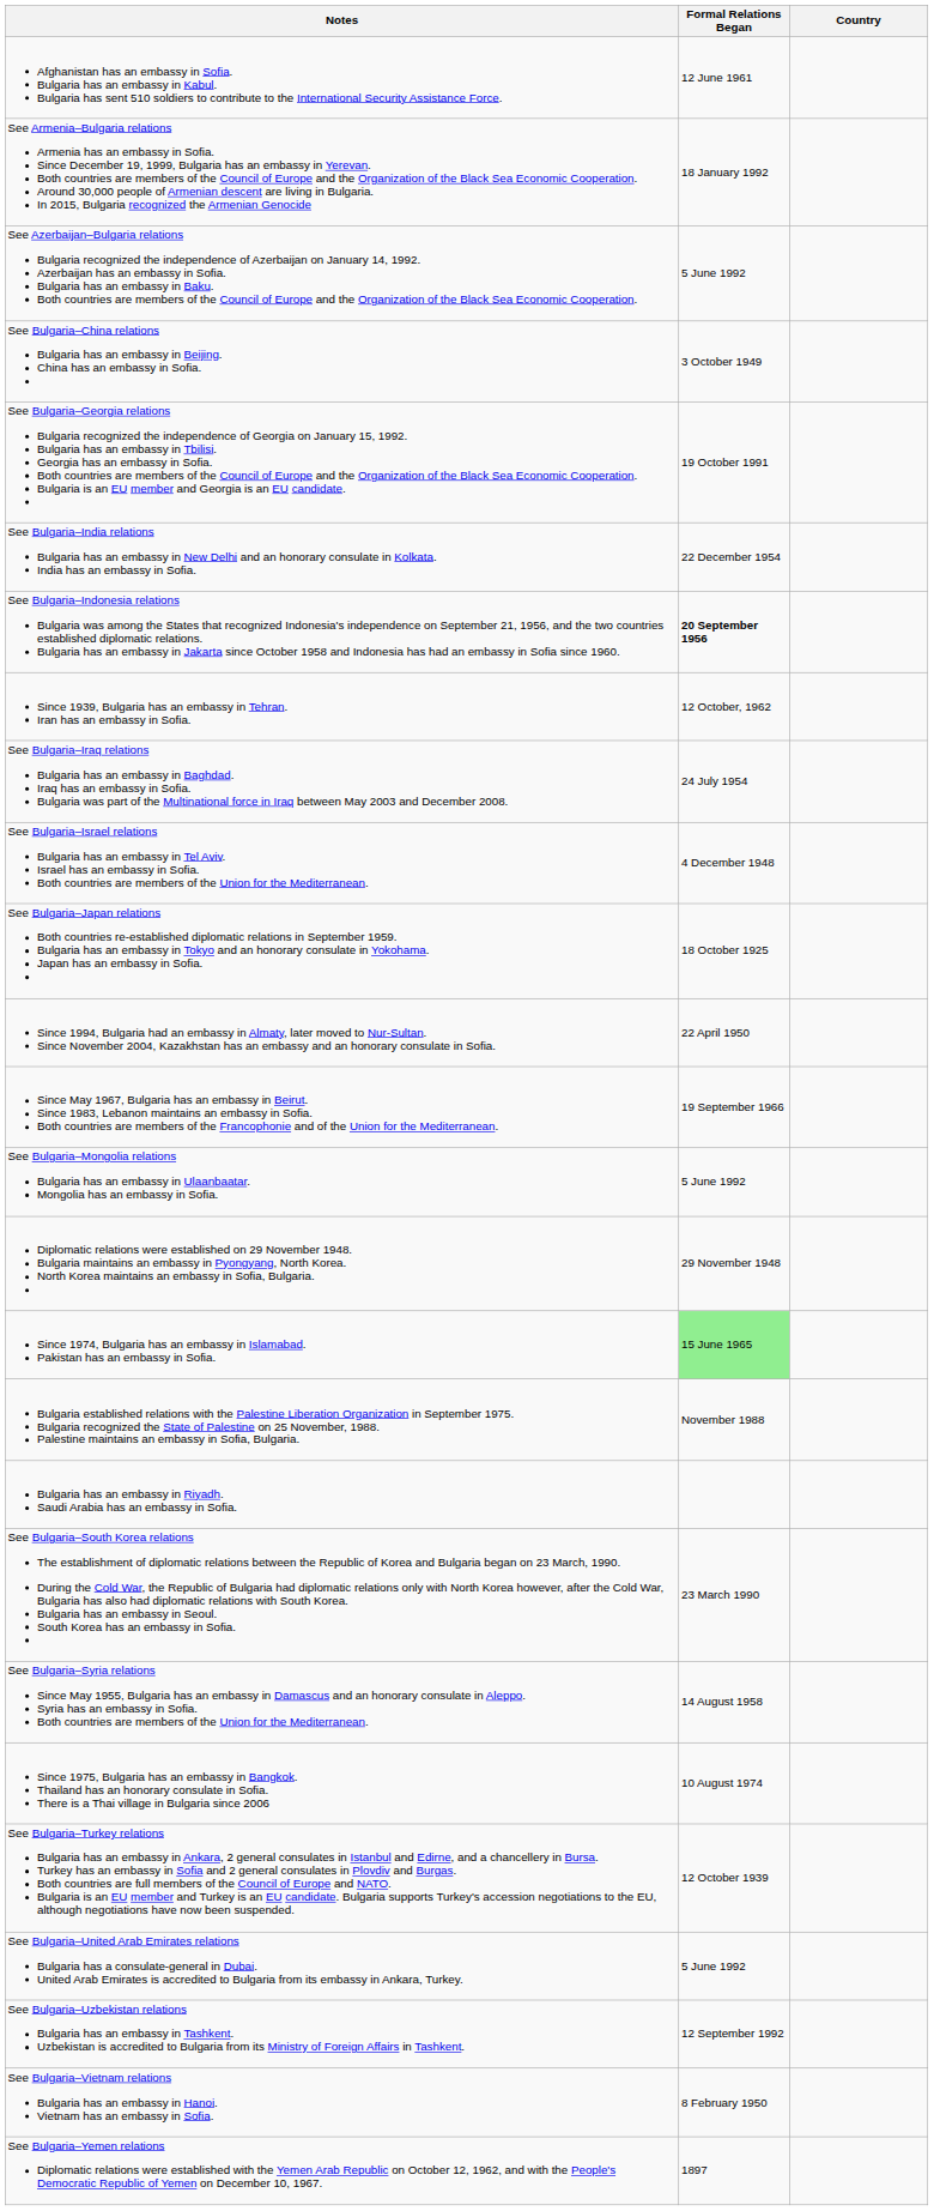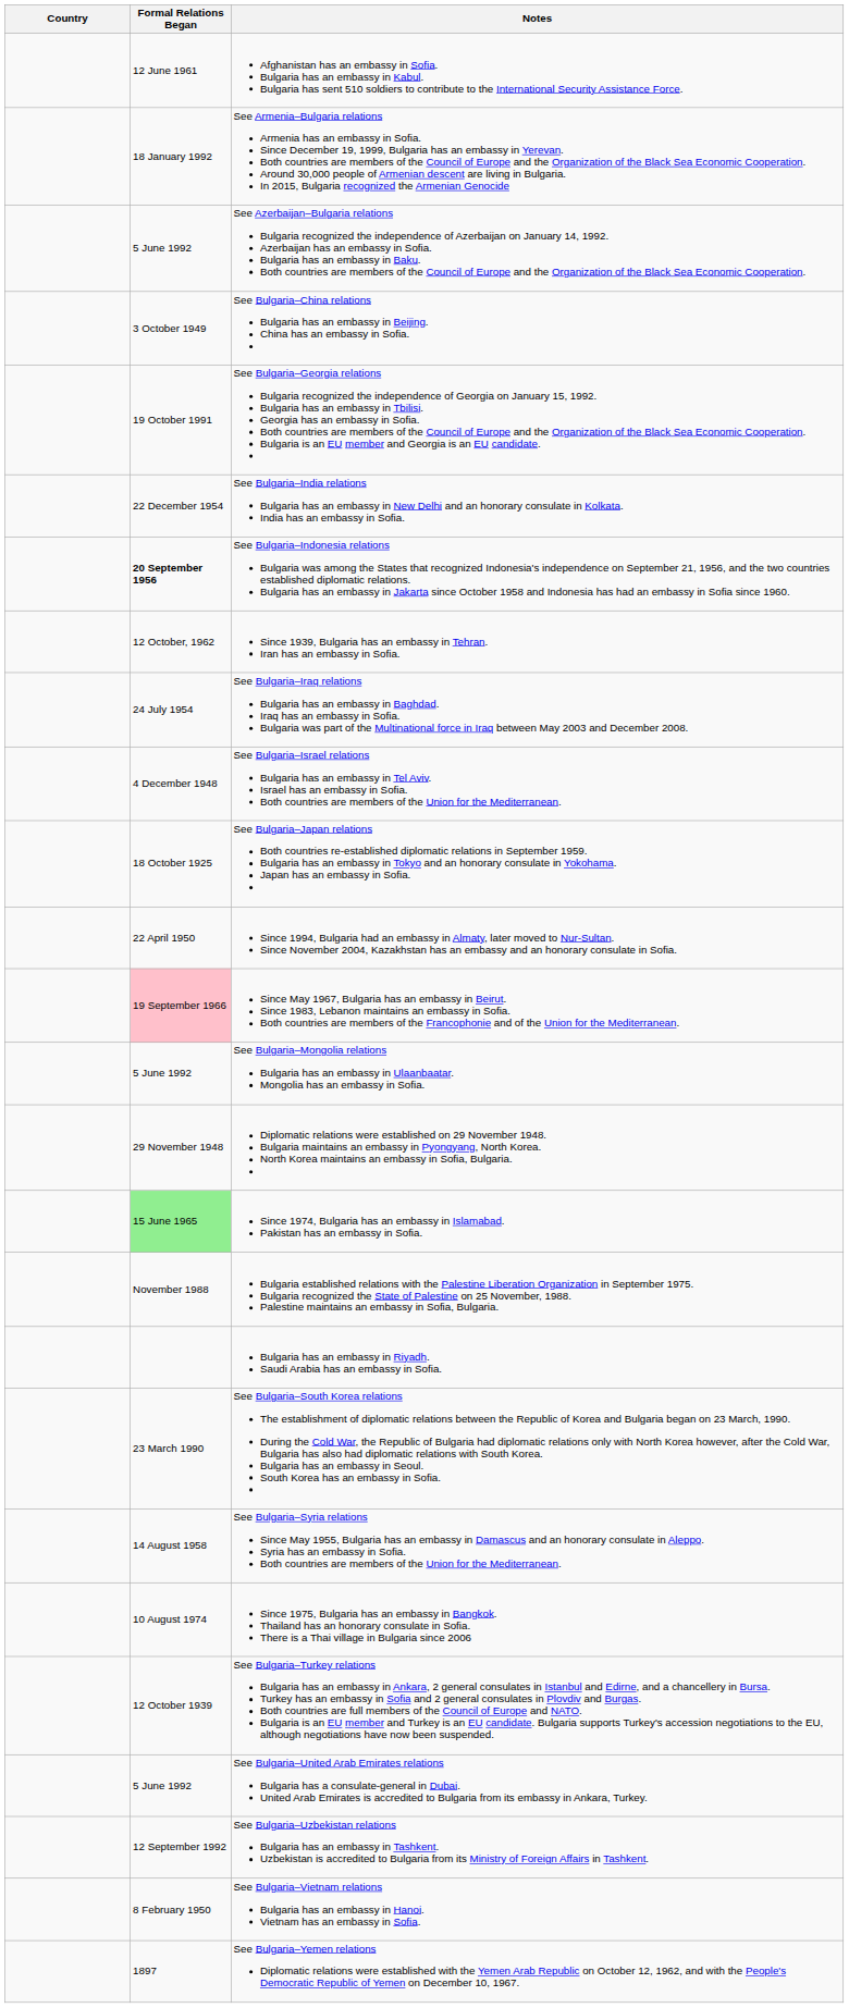 <table class="wikitable sortable" border="1" style="width:100%; margin:auto;">
 <tr>
+<th width="15%">Country</th>
+<th width="12%">Formal Relations Began</th>
 <th>Notes</th>
-<th width="12%">Formal Relations Began</th>
-<th width="15%">Country</th>
 </tr>
 <tr -valign="top">
+<td></td>
+<td>12 June 1961</td>
 <td><br><ul><li>Afghanistan has an embassy in <a href='#'>Sofia</a>.</li><li>Bulgaria has an embassy in <a href='#'>Kabul</a>.</li><li>Bulgaria has sent 510 soldiers to contribute to the <a href='#'>International Security Assistance Force</a>.</li></ul></td>
-<td>12 June 1961</td>
-<td></td>
 </tr>
 <tr -valign="top">
+<td></td>
+<td>18 January 1992</td>
 <td>See <a href='#'>Armenia–Bulgaria relations</a><br><ul><li>Armenia has an embassy in Sofia.</li><li>Since December 19, 1999, Bulgaria has an embassy in <a href='#'>Yerevan</a>.</li><li>Both countries are members of the <a href='#'>Council of Europe</a> and the <a href='#'>Organization of the Black Sea Economic Cooperation</a>.</li><li>Around 30,000 people of <a href='#'>Armenian descent</a> are living in Bulgaria.</li><li>In 2015, Bulgaria <a href='#'>recognized</a> the <a href='#'>Armenian Genocide</a></li></ul></td>
-<td>18 January 1992</td>
-<td></td>
 </tr>
 <tr -valign="top">
+<td></td>
+<td>5 June 1992</td>
 <td>See <a href='#'>Azerbaijan–Bulgaria relations</a><br><ul><li>Bulgaria recognized the independence of Azerbaijan on January 14, 1992.</li><li>Azerbaijan has an embassy in Sofia.</li><li>Bulgaria has an embassy in <a href='#'>Baku</a>.</li><li>Both countries are members of the <a href='#'>Council of Europe</a> and the <a href='#'>Organization of the Black Sea Economic Cooperation</a>.</li></ul></td>
-<td>5 June 1992</td>
-<td></td>
 </tr>
 <tr -valign="top">
+<td></td>
+<td>3 October 1949</td>
 <td>See <a href='#'>Bulgaria–China relations</a><br><ul><li>Bulgaria has an embassy in <a href='#'>Beijing</a>.</li><li>China has an embassy in Sofia.</li><li></li></ul></td>
-<td>3 October 1949</td>
-<td></td>
 </tr>
 <tr -valign="top">
+<td></td>
+<td>19 October 1991</td>
 <td>See <a href='#'>Bulgaria–Georgia relations</a><br><ul><li>Bulgaria recognized the independence of Georgia on January 15, 1992.</li><li>Bulgaria has an embassy in <a href='#'>Tbilisi</a>.</li><li>Georgia has an embassy in Sofia.</li><li>Both countries are members of the <a href='#'>Council of Europe</a> and the <a href='#'>Organization of the Black Sea Economic Cooperation</a>.</li><li>Bulgaria is an <a href='#'>EU</a> <a href='#'>member</a> and Georgia is an <a href='#'>EU</a> <a href='#'>candidate</a>.</li><li></li></ul></td>
-<td>19 October 1991</td>
-<td></td>
 </tr>
 <tr -valign="top">
+<td></td>
+<td>22 December 1954</td>
 <td>See <a href='#'>Bulgaria–India relations</a><br><ul><li>Bulgaria has an embassy in <a href='#'>New Delhi</a> and an honorary consulate in <a href='#'>Kolkata</a>.</li><li>India has an embassy in Sofia.</li></ul></td>
-<td>22 December 1954</td>
-<td></td>
 </tr>
 <tr -valign="top">
+<td></td>
+<td><strong>20 September 1956</strong></td>
 <td>See <a href='#'>Bulgaria–Indonesia relations</a><br><ul><li>Bulgaria was among the States that recognized Indonesia's independence on September 21, 1956, and the two countries established diplomatic relations.</li><li>Bulgaria has an embassy in <a href='#'>Jakarta</a> since October 1958 and Indonesia has had an embassy in Sofia since 1960.</li></ul></td>
-<td><strong>20 September 1956</strong></td>
-<td></td>
 </tr>
 <tr -valign="top">
+<td></td>
+<td>12 October, 1962</td>
 <td><br><ul><li>Since 1939, Bulgaria has an embassy in <a href='#'>Tehran</a>.</li><li>Iran has an embassy in Sofia.</li></ul></td>
-<td>12 October, 1962</td>
-<td></td>
 </tr>
 <tr -valign="top">
+<td></td>
+<td>24 July 1954</td>
 <td>See <a href='#'>Bulgaria–Iraq relations</a><br><ul><li>Bulgaria has an embassy in <a href='#'>Baghdad</a>.</li><li>Iraq has an embassy in Sofia.</li><li>Bulgaria was part of the <a href='#'>Multinational force in Iraq</a> between May 2003 and December 2008.</li></ul></td>
-<td>24 July 1954</td>
-<td></td>
 </tr>
 <tr -valign="top">
+<td></td>
+<td>4 December 1948</td>
 <td>See <a href='#'>Bulgaria–Israel relations</a><br><ul><li>Bulgaria has an embassy in <a href='#'>Tel Aviv</a>.</li><li>Israel has an embassy in Sofia.</li><li>Both countries are members of the <a href='#'>Union for the Mediterranean</a>.</li></ul></td>
-<td>4 December 1948</td>
-<td></td>
 </tr>
 <tr -valign="top">
+<td></td>
+<td>18 October 1925</td>
 <td>See <a href='#'>Bulgaria–Japan relations</a><br><ul><li>Both countries re-established diplomatic relations in September 1959.</li><li>Bulgaria has an embassy in <a href='#'>Tokyo</a> and an honorary consulate in <a href='#'>Yokohama</a>.</li><li>Japan has an embassy in Sofia.</li><li></li></ul></td>
-<td>18 October 1925</td>
-<td></td>
 </tr>
 <tr -valign="top">
+<td></td>
+<td>22 April 1950</td>
 <td><br><ul><li>Since 1994, Bulgaria had an embassy in <a href='#'>Almaty</a>, later moved to <a href='#'>Nur-Sultan</a>.</li><li>Since November 2004, Kazakhstan has an embassy and an honorary consulate in Sofia.</li></ul></td>
-<td>22 April 1950</td>
-<td></td>
 </tr>
 <tr -valign="top">
+<td></td>
+<td style="background: pink;">19 September 1966</td>
 <td><br><ul><li>Since May 1967, Bulgaria has an embassy in <a href='#'>Beirut</a>.</li><li>Since 1983, Lebanon maintains an embassy in Sofia.</li><li>Both countries are members of the <a href='#'>Francophonie</a> and of the <a href='#'>Union for the Mediterranean</a>.</li></ul></td>
-<td>19 September 1966</td>
-<td></td>
 </tr>
 <tr -valign="top">
+<td></td>
+<td>5 June 1992</td>
 <td>See  <a href='#'>Bulgaria–Mongolia relations</a><br><ul><li>Bulgaria has an embassy in <a href='#'>Ulaanbaatar</a>.</li><li>Mongolia has an embassy in Sofia.</li></ul></td>
-<td>5 June 1992</td>
-<td></td>
 </tr>
 <tr -valign="top">
+<td></td>
+<td>29 November 1948</td>
 <td><br><ul><li>Diplomatic relations were established on 29 November 1948.</li><li>Bulgaria maintains an embassy in <a href='#'>Pyongyang</a>, North Korea.</li><li>North Korea maintains an embassy in Sofia, Bulgaria.</li><li></li></ul></td>
-<td>29 November 1948</td>
-<td></td>
 </tr>
 <tr -valign="top">
+<td></td>
+<td style="background: lightgreen;">15 June 1965</td>
 <td><br><ul><li>Since 1974, Bulgaria has an embassy in <a href='#'>Islamabad</a>.</li><li>Pakistan has an embassy in Sofia.</li></ul></td>
-<td style="background: lightgreen;">15 June 1965</td>
-<td></td>
 </tr>
 <tr -valign="top">
+<td></td>
+<td>November 1988</td>
 <td><br><ul><li>Bulgaria established relations with the <a href='#'>Palestine Liberation Organization</a> in September 1975.</li><li>Bulgaria recognized the <a href='#'>State of Palestine</a> on 25 November, 1988.</li><li>Palestine maintains an embassy in Sofia, Bulgaria.</li></ul></td>
-<td>November 1988</td>
-<td></td>
 </tr>
 <tr -valign="top">
-<td><br><ul><li>Bulgaria has an embassy in <a href='#'>Riyadh</a>.</li><li>Saudi Arabia has an embassy in Sofia.</li></ul></td>
 <td></td>
 <td></td>
+<td><br><ul><li>Bulgaria has an embassy in <a href='#'>Riyadh</a>.</li><li>Saudi Arabia has an embassy in Sofia.</li></ul></td>
 </tr>
 <tr -valign="top">
+<td></td>
+<td>23 March 1990</td>
 <td>See <a href='#'>Bulgaria–South Korea relations</a><br><ul><li>The establishment of diplomatic relations between the Republic of Korea and Bulgaria began on 23 March, 1990.</li></ul><ul><li>During the <a href='#'>Cold War</a>, the Republic of Bulgaria had diplomatic relations only with North Korea however, after the Cold War, Bulgaria has also had diplomatic relations with South Korea.</li><li>Bulgaria has an embassy in Seoul.</li><li>South Korea has an embassy in Sofia.</li><li></li></ul></td>
-<td>23 March 1990</td>
-<td></td>
 </tr>
 <tr -valign="top">
+<td></td>
+<td>14 August 1958</td>
 <td>See <a href='#'>Bulgaria–Syria relations</a><br><ul><li>Since May 1955, Bulgaria has an embassy in <a href='#'>Damascus</a> and an honorary consulate in <a href='#'>Aleppo</a>.</li><li>Syria has an embassy in Sofia.</li><li>Both countries are members of the <a href='#'>Union for the Mediterranean</a>.</li></ul></td>
-<td>14 August 1958</td>
-<td></td>
 </tr>
 <tr -valign="top">
+<td></td>
+<td>10 August 1974</td>
 <td><br><ul><li>Since 1975, Bulgaria has an embassy in <a href='#'>Bangkok</a>.</li><li>Thailand has an honorary consulate in Sofia.</li><li>There is a Thai village in Bulgaria since 2006 </li></ul></td>
-<td>10 August 1974</td>
-<td></td>
 </tr>
 <tr -valign="top">
+<td></td>
+<td>12 October 1939</td>
 <td>See <a href='#'>Bulgaria–Turkey relations</a><br><ul><li>Bulgaria has an embassy in <a href='#'>Ankara</a>, 2 general consulates in <a href='#'>Istanbul</a> and <a href='#'>Edirne</a>, and a chancellery in <a href='#'>Bursa</a>.</li><li>Turkey has an embassy in <a href='#'>Sofia</a> and 2 general consulates in <a href='#'>Plovdiv</a> and <a href='#'>Burgas</a>.</li><li>Both countries are full members of the <a href='#'>Council of Europe</a> and <a href='#'>NATO</a>.</li><li>Bulgaria is an <a href='#'>EU</a> <a href='#'>member</a> and Turkey is an <a href='#'>EU</a> <a href='#'>candidate</a>. Bulgaria supports Turkey's accession negotiations to the EU, although negotiations have now been suspended.</li></ul></td>
-<td>12 October 1939</td>
-<td></td>
 </tr>
 <tr -valign="top">
+<td></td>
+<td>5 June 1992</td>
 <td>See <a href='#'>Bulgaria–United Arab Emirates relations</a><br><ul><li>Bulgaria has a consulate-general in <a href='#'>Dubai</a>.</li><li>United Arab Emirates is accredited to Bulgaria from its embassy in Ankara, Turkey.</li></ul></td>
-<td>5 June 1992</td>
-<td></td>
 </tr>
 <tr -valign="top">
+<td></td>
+<td>12 September 1992</td>
 <td>See <a href='#'>Bulgaria–Uzbekistan relations</a><br><ul><li>Bulgaria has an embassy in <a href='#'>Tashkent</a>.</li><li>Uzbekistan is accredited to Bulgaria from its <a href='#'>Ministry of Foreign Affairs</a> in <a href='#'>Tashkent</a>.</li></ul></td>
-<td>12 September 1992</td>
-<td></td>
 </tr>
 <tr -valign="top">
+<td></td>
+<td>8 February 1950</td>
 <td>See <a href='#'>Bulgaria–Vietnam relations</a><br><ul><li>Bulgaria has an embassy in <a href='#'>Hanoi</a>.</li><li>Vietnam has an embassy in <a href='#'>Sofia</a>.</li></ul></td>
-<td>8 February 1950</td>
-<td></td>
 </tr>
 <tr -valign="top">
+<td></td>
+<td>1897</td>
 <td>See <a href='#'>Bulgaria–Yemen relations</a><br><ul><li>Diplomatic relations were established with the <a href='#'>Yemen Arab Republic</a> on October 12, 1962, and with the <a href='#'>People's Democratic Republic of Yemen</a> on December 10, 1967.</li></ul></td>
-<td>1897</td>
-<td></td>
 </tr>
 </table>
